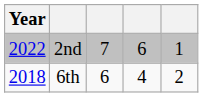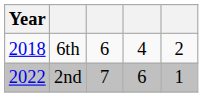 <table class="wikitable" style="text-align: center;">
 <tr>
 <th>Year</th>
 <th></th>
 <th width=25px></th>
 <th width=25px></th>
 <th width=25px></th>
 </tr>
+<tr>
+<td> <a href='#'>2018</a></td>
+<td>6th</td>
+<td>6</td>
+<td>4</td>
+<td>2</td>
+</tr>
 <tr bgcolor=silver>
 <td> <a href='#'>2022</a></td>
 <td>2nd</td>
 <td>7</td>
 <td>6</td>
 <td>1</td>
 </tr>
-<tr>
-<td> <a href='#'>2018</a></td>
-<td>6th</td>
-<td>6</td>
-<td>4</td>
-<td>2</td>
-</tr>
 </table>
